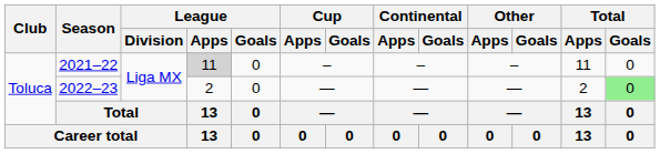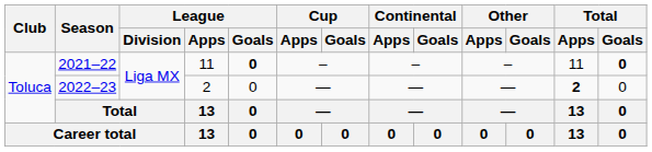 <table class="wikitable" style="text-align: center">
 <tr>
 <th rowspan="2">Club</th>
 <th rowspan="2">Season</th>
 <th colspan="3">League</th>
 <th colspan="2">Cup</th>
 <th colspan="2">Continental</th>
 <th colspan="2">Other</th>
 <th colspan="2">Total</th>
 </tr>
 <tr>
 <th>Division</th>
 <th>Apps</th>
 <th>Goals</th>
 <th>Apps</th>
 <th>Goals</th>
 <th>Apps</th>
 <th>Goals</th>
 <th>Apps</th>
 <th>Goals</th>
 <th>Apps</th>
 <th>Goals</th>
 </tr>
 <tr>
 <td rowspan=3><a href='#'>Toluca</a></td>
 <td><a href='#'>2021–22</a></td>
 <td rowspan=2><a href='#'>Liga MX</a></td>
-<td style="background: lightgrey;">11</td>
-<td>0</td>
+<td>11</td>
+<td><strong>0</strong></td>
 <td colspan="2">–</td>
 <td colspan="2">–</td>
 <td colspan="2">–</td>
 <td>11</td>
-<td>0</td>
+<td><strong>0</strong></td>
 </tr>
 <tr>
 <td><a href='#'>2022–23</a></td>
 <td>2</td>
 <td>0</td>
 <td colspan=2>—</td>
 <td colspan=2>—</td>
 <td colspan=2>—</td>
-<td>2</td>
-<td style="background: lightgreen;">0</td>
+<td><strong>2</strong></td>
+<td>0</td>
 </tr>
 <tr>
 <th colspan="2">Total</th>
 <th>13</th>
 <th>0</th>
 <th colspan=2>—</th>
 <th colspan=2>—</th>
 <th colspan=2>—</th>
 <th>13</th>
 <th>0</th>
 </tr>
 <tr>
 <th colspan=3>Career total</th>
 <th>13</th>
 <th>0</th>
 <th>0</th>
 <th>0</th>
 <th>0</th>
 <th>0</th>
 <th>0</th>
 <th>0</th>
 <th>13</th>
 <th>0</th>
 </tr>
 </table>
